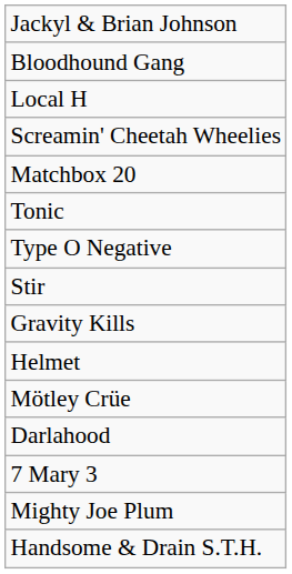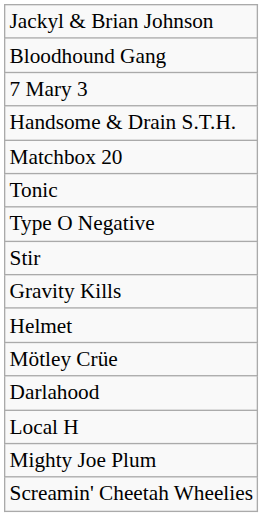 <table class="wikitable">
 <tr>
 <td>Jackyl & Brian Johnson</td>
 </tr>
 <tr>
 <td>Bloodhound Gang</td>
 </tr>
 <tr>
-<td>Local H</td>
+<td>7 Mary 3</td>
 </tr>
 <tr>
-<td>Screamin' Cheetah Wheelies</td>
+<td>Handsome & Drain S.T.H.</td>
 </tr>
 <tr>
 <td>Matchbox 20</td>
 </tr>
 <tr>
 <td>Tonic</td>
 </tr>
 <tr>
 <td>Type O Negative</td>
 </tr>
 <tr>
 <td>Stir</td>
 </tr>
 <tr>
 <td>Gravity Kills</td>
 </tr>
 <tr>
 <td>Helmet</td>
 </tr>
 <tr>
 <td>Mötley Crüe</td>
 </tr>
 <tr>
 <td>Darlahood</td>
 </tr>
 <tr>
-<td>7 Mary 3</td>
+<td>Local H</td>
 </tr>
 <tr>
 <td>Mighty Joe Plum</td>
 </tr>
 <tr>
-<td>Handsome & Drain S.T.H.</td>
+<td>Screamin' Cheetah Wheelies</td>
 </tr>
 </table>
